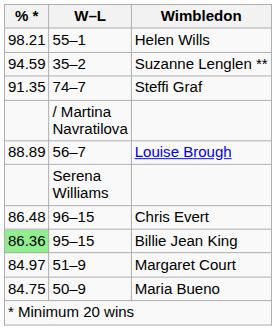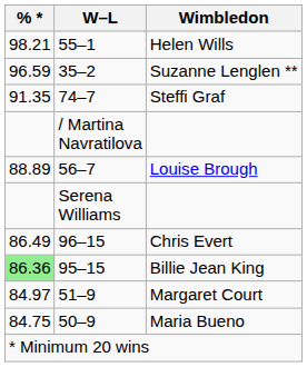 <table class="wikitable nowrap" style="display:inline-table;">
 <tr>
 <th>% *</th>
 <th width="50">W–L</th>
 <th>Wimbledon</th>
 </tr>
 <tr>
 <td>98.21</td>
 <td>55–1</td>
 <td> Helen Wills</td>
 </tr>
 <tr>
-<td>94.59</td>
+<td>96.59</td>
 <td>35–2</td>
 <td> Suzanne Lenglen **</td>
 </tr>
 <tr>
 <td>91.35</td>
 <td>74–7</td>
 <td> Steffi Graf</td>
 </tr>
 <tr>
 <td></td>
 <td>/ Martina Navratilova</td>
 </tr>
 <tr>
 <td>88.89</td>
 <td>56–7</td>
 <td> <a href='#'>Louise Brough</a></td>
 </tr>
 <tr>
 <td></td>
 <td> Serena Williams</td>
 </tr>
 <tr>
-<td>86.48</td>
+<td>86.49</td>
 <td>96–15</td>
 <td> Chris Evert</td>
 </tr>
 <tr>
 <td style="background: lightgreen;">86.36</td>
 <td>95–15</td>
 <td> Billie Jean King</td>
 </tr>
 <tr>
 <td>84.97</td>
 <td>51–9</td>
 <td> Margaret Court</td>
 </tr>
 <tr>
 <td>84.75</td>
 <td>50–9</td>
 <td> Maria Bueno</td>
 </tr>
 <tr>
 <td colspan="3">* Minimum 20 wins</td>
 </tr>
 </table>
